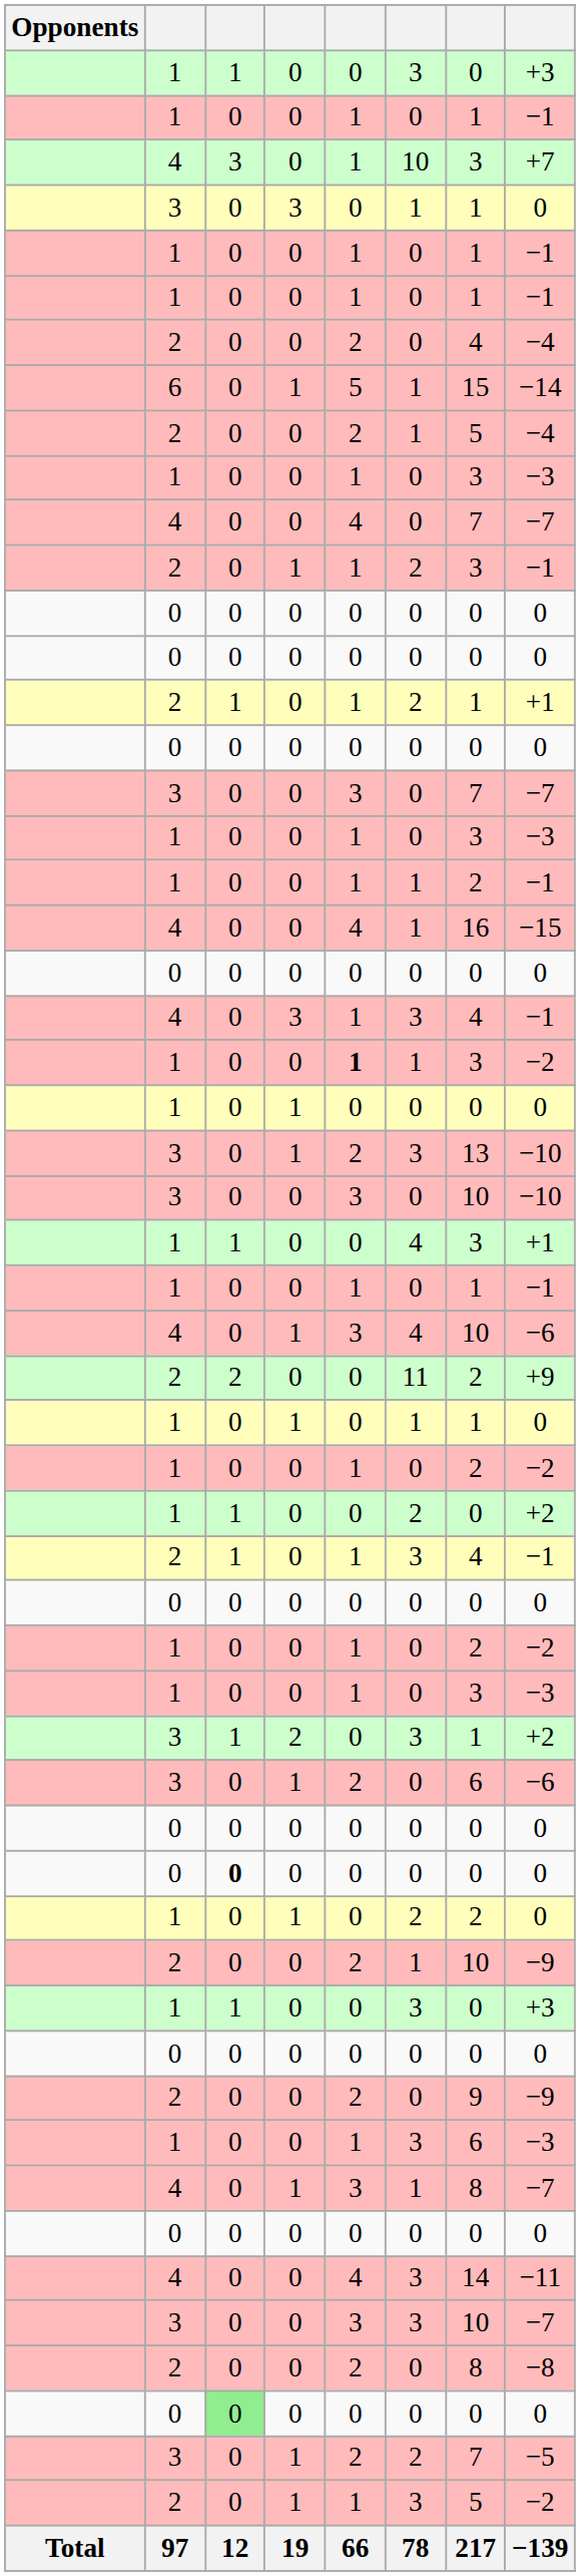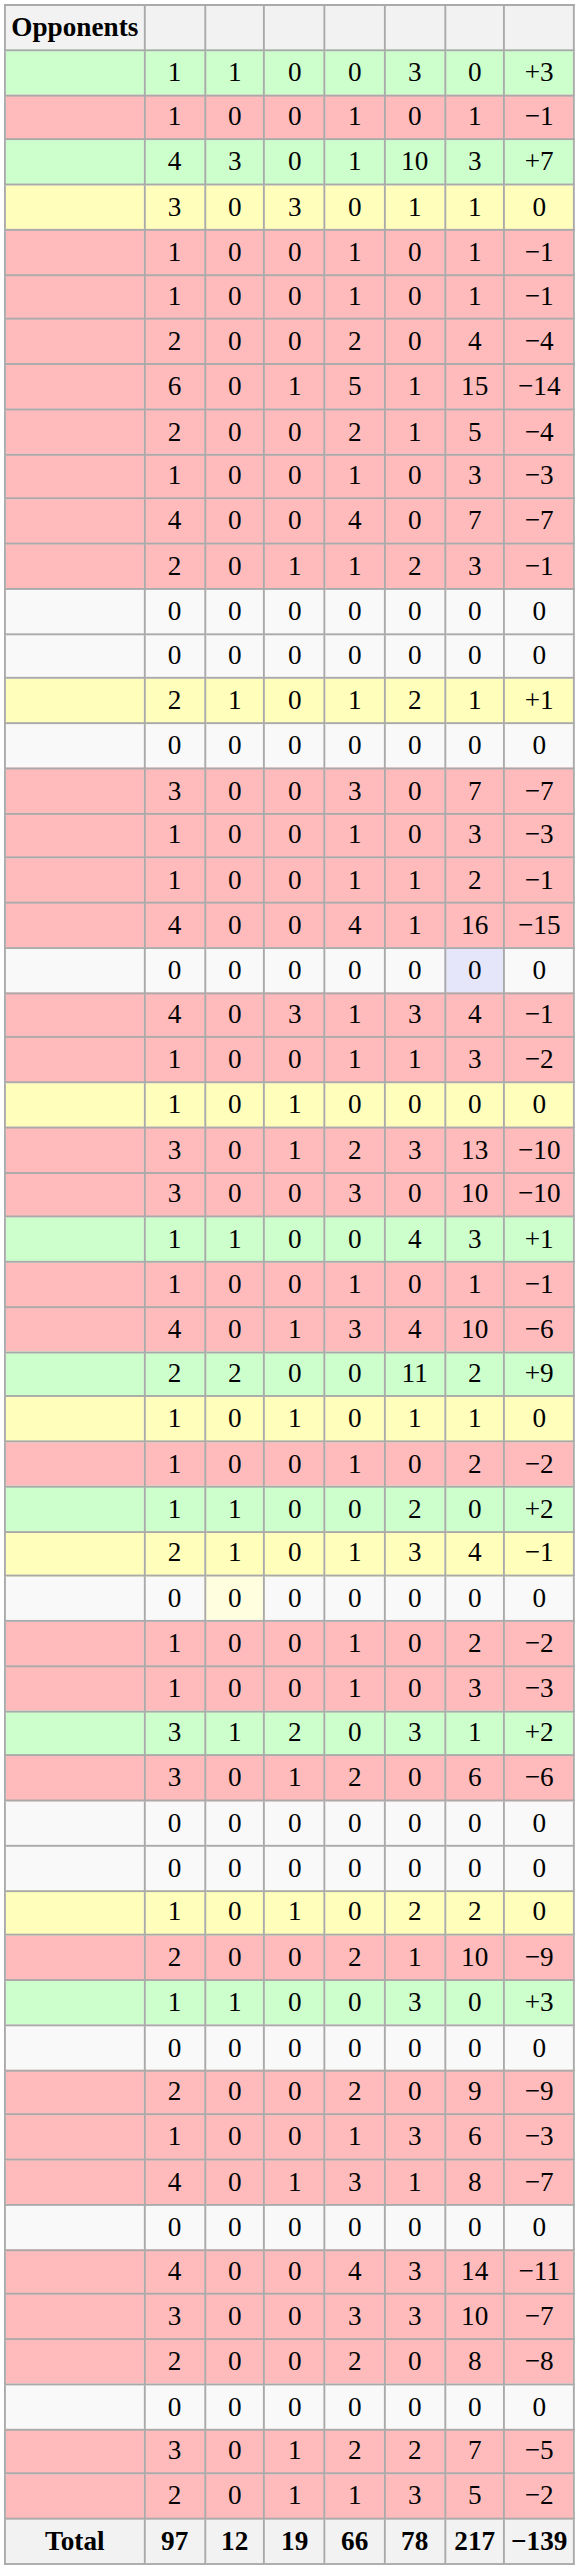 <table class="wikitable sortable collapsed" style="text-align: center; font-size: 90%;">
 <tr>
 </tr>
 <tr>
 <th>Opponents</th>
 <th width=25></th>
 <th width=25></th>
 <th width=25></th>
 <th width=25></th>
 <th width=25></th>
 <th width=25></th>
 <th width=25></th>
 </tr>
 <tr bgcolor="#CCFFCC">
 <td align="left"></td>
 <td>1</td>
 <td>1</td>
 <td>0</td>
 <td>0</td>
 <td>3</td>
 <td>0</td>
 <td>+3</td>
 </tr>
 <tr bgcolor="#FFBBBB">
 <td align="left"></td>
 <td>1</td>
 <td>0</td>
 <td>0</td>
 <td>1</td>
 <td>0</td>
 <td>1</td>
 <td>−1</td>
 </tr>
 <tr bgcolor="#CCFFCC">
 <td align="left"></td>
 <td>4</td>
 <td>3</td>
 <td>0</td>
 <td>1</td>
 <td>10</td>
 <td>3</td>
 <td>+7</td>
 </tr>
 <tr bgcolor="#FFFFBB">
 <td align="left"></td>
 <td>3</td>
 <td>0</td>
 <td>3</td>
 <td>0</td>
 <td>1</td>
 <td>1</td>
 <td>0</td>
 </tr>
 <tr bgcolor="#FFBBBB">
 <td align="left"></td>
 <td>1</td>
 <td>0</td>
 <td>0</td>
 <td>1</td>
 <td>0</td>
 <td>1</td>
 <td>−1</td>
 </tr>
 <tr bgcolor="#FFBBBB">
 <td align="left"></td>
 <td>1</td>
 <td>0</td>
 <td>0</td>
 <td>1</td>
 <td>0</td>
 <td>1</td>
 <td>−1</td>
 </tr>
 <tr bgcolor="#FFBBBB">
 <td align="left"></td>
 <td>2</td>
 <td>0</td>
 <td>0</td>
 <td>2</td>
 <td>0</td>
 <td>4</td>
 <td>−4</td>
 </tr>
 <tr bgcolor="#FFBBBB">
 <td align="left"></td>
 <td>6</td>
 <td>0</td>
 <td>1</td>
 <td>5</td>
 <td>1</td>
 <td>15</td>
 <td>−14</td>
 </tr>
 <tr bgcolor="#FFBBBB">
 <td align="left"></td>
 <td>2</td>
 <td>0</td>
 <td>0</td>
 <td>2</td>
 <td>1</td>
 <td>5</td>
 <td>−4</td>
 </tr>
 <tr bgcolor="#FFBBBB">
 <td align="left"></td>
 <td>1</td>
 <td>0</td>
 <td>0</td>
 <td>1</td>
 <td>0</td>
 <td>3</td>
 <td>−3</td>
 </tr>
 <tr bgcolor="#FFBBBB">
 <td align="left"></td>
 <td>4</td>
 <td>0</td>
 <td>0</td>
 <td>4</td>
 <td>0</td>
 <td>7</td>
 <td>−7</td>
 </tr>
 <tr bgcolor="#FFBBBB">
 <td align="left"></td>
 <td>2</td>
 <td>0</td>
 <td>1</td>
 <td>1</td>
 <td>2</td>
 <td>3</td>
 <td>−1</td>
 </tr>
 <tr>
 <td align="left"></td>
 <td>0</td>
 <td>0</td>
 <td>0</td>
 <td>0</td>
 <td>0</td>
 <td>0</td>
 <td>0</td>
 </tr>
 <tr>
 <td align="left"></td>
 <td>0</td>
 <td>0</td>
 <td>0</td>
 <td>0</td>
 <td>0</td>
 <td>0</td>
 <td>0</td>
 </tr>
 <tr bgcolor="#FFFFBB">
 <td align="left"></td>
 <td>2</td>
 <td>1</td>
 <td>0</td>
 <td>1</td>
 <td>2</td>
 <td>1</td>
 <td>+1</td>
 </tr>
 <tr>
 <td align="left"></td>
 <td>0</td>
 <td>0</td>
 <td>0</td>
 <td>0</td>
 <td>0</td>
 <td>0</td>
 <td>0</td>
 </tr>
 <tr bgcolor="#FFBBBB">
 <td align="left"></td>
 <td>3</td>
 <td>0</td>
 <td>0</td>
 <td>3</td>
 <td>0</td>
 <td>7</td>
 <td>−7</td>
 </tr>
 <tr bgcolor="#FFBBBB">
 <td align="left"></td>
 <td>1</td>
 <td>0</td>
 <td>0</td>
 <td>1</td>
 <td>0</td>
 <td>3</td>
 <td>−3</td>
 </tr>
 <tr bgcolor="#FFBBBB">
 <td align="left"></td>
 <td>1</td>
 <td>0</td>
 <td>0</td>
 <td>1</td>
 <td>1</td>
 <td>2</td>
 <td>−1</td>
 </tr>
 <tr bgcolor="#FFBBBB">
 <td align="left"></td>
 <td>4</td>
 <td>0</td>
 <td>0</td>
 <td>4</td>
 <td>1</td>
 <td>16</td>
 <td>−15</td>
 </tr>
 <tr>
 <td align="left"></td>
 <td>0</td>
 <td>0</td>
 <td>0</td>
 <td>0</td>
 <td>0</td>
-<td>0</td>
+<td style="background: lavender;">0</td>
 <td>0</td>
 </tr>
 <tr bgcolor="#FFBBBB">
 <td align="left"></td>
 <td>4</td>
 <td>0</td>
 <td>3</td>
 <td>1</td>
 <td>3</td>
 <td>4</td>
 <td>−1</td>
 </tr>
 <tr bgcolor="#FFBBBB">
 <td align="left"></td>
 <td>1</td>
 <td>0</td>
 <td>0</td>
-<td><strong>1</strong></td>
+<td>1</td>
 <td>1</td>
 <td>3</td>
 <td>−2</td>
 </tr>
 <tr bgcolor="#FFFFBB">
 <td align="left"></td>
 <td>1</td>
 <td>0</td>
 <td>1</td>
 <td>0</td>
 <td>0</td>
 <td>0</td>
 <td>0</td>
 </tr>
 <tr bgcolor="#FFBBBB">
 <td align="left"></td>
 <td>3</td>
 <td>0</td>
 <td>1</td>
 <td>2</td>
 <td>3</td>
 <td>13</td>
 <td>−10</td>
 </tr>
 <tr bgcolor="#FFBBBB">
 <td align="left"></td>
 <td>3</td>
 <td>0</td>
 <td>0</td>
 <td>3</td>
 <td>0</td>
 <td>10</td>
 <td>−10</td>
 </tr>
 <tr bgcolor="#CCFFCC">
 <td align="left"></td>
 <td>1</td>
 <td>1</td>
 <td>0</td>
 <td>0</td>
 <td>4</td>
 <td>3</td>
 <td>+1</td>
 </tr>
 <tr bgcolor="#FFBBBB">
 <td align="left"></td>
 <td>1</td>
 <td>0</td>
 <td>0</td>
 <td>1</td>
 <td>0</td>
 <td>1</td>
 <td>−1</td>
 </tr>
 <tr bgcolor="#FFBBBB">
 <td align="left"></td>
 <td>4</td>
 <td>0</td>
 <td>1</td>
 <td>3</td>
 <td>4</td>
 <td>10</td>
 <td>−6</td>
 </tr>
 <tr bgcolor="#CCFFCC">
 <td align="left"></td>
 <td>2</td>
 <td>2</td>
 <td>0</td>
 <td>0</td>
 <td>11</td>
 <td>2</td>
 <td>+9</td>
 </tr>
 <tr bgcolor="#FFFFBB">
 <td align="left"></td>
 <td>1</td>
 <td>0</td>
 <td>1</td>
 <td>0</td>
 <td>1</td>
 <td>1</td>
 <td>0</td>
 </tr>
 <tr bgcolor="#FFBBBB">
 <td align="left"></td>
 <td>1</td>
 <td>0</td>
 <td>0</td>
 <td>1</td>
 <td>0</td>
 <td>2</td>
 <td>−2</td>
 </tr>
 <tr bgcolor="#CCFFCC">
 <td align="left"></td>
 <td>1</td>
 <td>1</td>
 <td>0</td>
 <td>0</td>
 <td>2</td>
 <td>0</td>
 <td>+2</td>
 </tr>
 <tr bgcolor="#FFFFBB">
 <td align="left"></td>
 <td>2</td>
 <td>1</td>
 <td>0</td>
 <td>1</td>
 <td>3</td>
 <td>4</td>
 <td>−1</td>
 </tr>
 <tr>
 <td align="left"></td>
 <td>0</td>
-<td>0</td>
+<td style="background: lightyellow;">0</td>
 <td>0</td>
 <td>0</td>
 <td>0</td>
 <td>0</td>
 <td>0</td>
 </tr>
 <tr bgcolor="#FFBBBB">
 <td align="left"></td>
 <td>1</td>
 <td>0</td>
 <td>0</td>
 <td>1</td>
 <td>0</td>
 <td>2</td>
 <td>−2</td>
 </tr>
 <tr bgcolor="#FFBBBB">
 <td align="left"></td>
 <td>1</td>
 <td>0</td>
 <td>0</td>
 <td>1</td>
 <td>0</td>
 <td>3</td>
 <td>−3</td>
 </tr>
 <tr bgcolor="#CCFFCC">
 <td align="left"></td>
 <td>3</td>
 <td>1</td>
 <td>2</td>
 <td>0</td>
 <td>3</td>
 <td>1</td>
 <td>+2</td>
 </tr>
 <tr bgcolor="#FFBBBB">
 <td align="left"></td>
 <td>3</td>
 <td>0</td>
 <td>1</td>
 <td>2</td>
 <td>0</td>
 <td>6</td>
 <td>−6</td>
 </tr>
 <tr>
 <td align="left"></td>
 <td>0</td>
 <td>0</td>
 <td>0</td>
 <td>0</td>
 <td>0</td>
 <td>0</td>
 <td>0</td>
 </tr>
 <tr>
 <td align="left"></td>
 <td>0</td>
-<td><strong>0</strong></td>
+<td>0</td>
 <td>0</td>
 <td>0</td>
 <td>0</td>
 <td>0</td>
 <td>0</td>
 </tr>
 <tr bgcolor="#FFFFBB">
 <td align="left"></td>
 <td>1</td>
 <td>0</td>
 <td>1</td>
 <td>0</td>
 <td>2</td>
 <td>2</td>
 <td>0</td>
 </tr>
 <tr bgcolor="#FFBBBB">
 <td align="left"></td>
 <td>2</td>
 <td>0</td>
 <td>0</td>
 <td>2</td>
 <td>1</td>
 <td>10</td>
 <td>−9</td>
 </tr>
 <tr bgcolor="#CCFFCC">
 <td align="left"></td>
 <td>1</td>
 <td>1</td>
 <td>0</td>
 <td>0</td>
 <td>3</td>
 <td>0</td>
 <td>+3</td>
 </tr>
 <tr>
 <td align="left"></td>
 <td>0</td>
 <td>0</td>
 <td>0</td>
 <td>0</td>
 <td>0</td>
 <td>0</td>
 <td>0</td>
 </tr>
 <tr bgcolor="#FFBBBB">
 <td align="left"></td>
 <td>2</td>
 <td>0</td>
 <td>0</td>
 <td>2</td>
 <td>0</td>
 <td>9</td>
 <td>−9</td>
 </tr>
 <tr bgcolor="#FFBBBB">
 <td align="left"><em></em></td>
 <td>1</td>
 <td>0</td>
 <td>0</td>
 <td>1</td>
 <td>3</td>
 <td>6</td>
 <td>−3</td>
 </tr>
 <tr bgcolor="#FFBBBB">
 <td align="left"></td>
 <td>4</td>
 <td>0</td>
 <td>1</td>
 <td>3</td>
 <td>1</td>
 <td>8</td>
 <td>−7</td>
 </tr>
 <tr>
 <td align="left"></td>
 <td>0</td>
 <td>0</td>
 <td>0</td>
 <td>0</td>
 <td>0</td>
 <td>0</td>
 <td>0</td>
 </tr>
 <tr bgcolor="#FFBBBB">
 <td align="left"></td>
 <td>4</td>
 <td>0</td>
 <td>0</td>
 <td>4</td>
 <td>3</td>
 <td>14</td>
 <td>−11</td>
 </tr>
 <tr bgcolor="#FFBBBB">
 <td align="left"></td>
 <td>3</td>
 <td>0</td>
 <td>0</td>
 <td>3</td>
 <td>3</td>
 <td>10</td>
 <td>−7</td>
 </tr>
 <tr bgcolor="#FFBBBB">
 <td align="left"></td>
 <td>2</td>
 <td>0</td>
 <td>0</td>
 <td>2</td>
 <td>0</td>
 <td>8</td>
 <td>−8</td>
 </tr>
 <tr>
 <td align="left"></td>
 <td>0</td>
-<td style="background: lightgreen;">0</td>
+<td>0</td>
 <td>0</td>
 <td>0</td>
 <td>0</td>
 <td>0</td>
 <td>0</td>
 </tr>
 <tr bgcolor="#FFBBBB">
 <td align="left"></td>
 <td>3</td>
 <td>0</td>
 <td>1</td>
 <td>2</td>
 <td>2</td>
 <td>7</td>
 <td>−5</td>
 </tr>
 <tr bgcolor="#FFBBBB">
 <td align="left"></td>
 <td>2</td>
 <td>0</td>
 <td>1</td>
 <td>1</td>
 <td>3</td>
 <td>5</td>
 <td>−2</td>
 </tr>
 <tr class="sortbot">
 <th>Total</th>
 <th>97</th>
 <th>12</th>
 <th>19</th>
 <th>66</th>
 <th>78</th>
 <th>217</th>
 <th>−139</th>
 </tr>
 </table>
